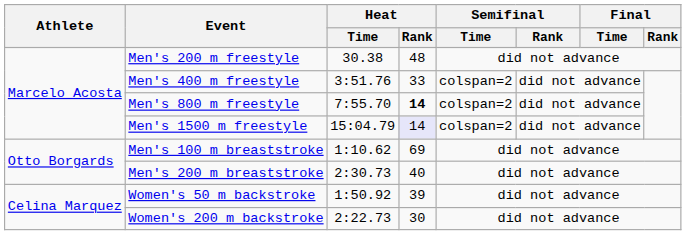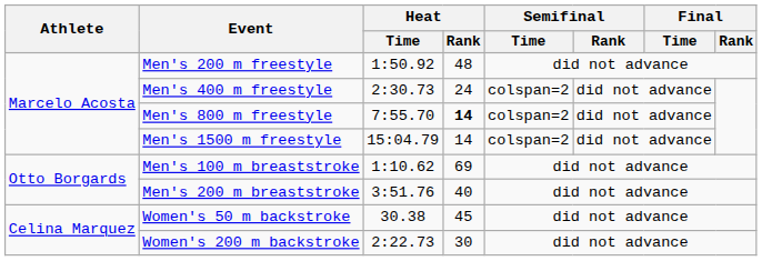 <table class=wikitable style="font-size:90%">
 <tr>
 <th rowspan="2">Athlete</th>
 <th rowspan="2">Event</th>
 <th colspan="2">Heat</th>
 <th colspan="2">Semifinal</th>
 <th colspan="2">Final</th>
 </tr>
 <tr style="font-size:95%">
 <th>Time</th>
 <th>Rank</th>
 <th>Time</th>
 <th>Rank</th>
 <th>Time</th>
 <th>Rank</th>
 </tr>
 <tr align=center>
 <td align=left rowspan=4><a href='#'>Marcelo Acosta</a></td>
 <td align=left><a href='#'>Men's 200 m freestyle</a></td>
-<td>30.38</td>
+<td>1:50.92</td>
 <td>48</td>
 <td colspan=4>did not advance</td>
 </tr>
 <tr align=center>
 <td align=left><a href='#'>Men's 400 m freestyle</a></td>
-<td>3:51.76</td>
-<td>33</td>
+<td>2:30.73</td>
+<td>24</td>
 <td>colspan=2 </td>
 <td colspan=2>did not advance</td>
 </tr>
 <tr align=center>
 <td align=left><a href='#'>Men's 800 m freestyle</a></td>
 <td>7:55.70</td>
 <td><strong>14</strong></td>
 <td>colspan=2 </td>
 <td colspan=2>did not advance</td>
 </tr>
 <tr align=center>
 <td align=left><a href='#'>Men's 1500 m freestyle</a></td>
 <td>15:04.79</td>
-<td style="background: lavender;">14</td>
+<td>14</td>
 <td>colspan=2 </td>
 <td colspan=2>did not advance</td>
 </tr>
 <tr align=center>
 <td align=left rowspan=2><a href='#'>Otto Borgards</a></td>
 <td align=left><a href='#'>Men's 100 m breaststroke</a></td>
 <td>1:10.62</td>
 <td>69</td>
 <td colspan=4>did not advance</td>
 </tr>
 <tr align=center>
 <td align=left><a href='#'>Men's 200 m breaststroke</a></td>
-<td>2:30.73</td>
+<td>3:51.76</td>
 <td>40</td>
 <td colspan=4>did not advance</td>
 </tr>
 <tr align=center>
 <td align=left rowspan=2><a href='#'>Celina Marquez</a></td>
 <td align=left><a href='#'>Women's 50 m backstroke</a></td>
-<td>1:50.92</td>
-<td>39</td>
+<td>30.38</td>
+<td>45</td>
 <td colspan=4>did not advance</td>
 </tr>
 <tr align=center>
 <td align=left><a href='#'>Women's 200 m backstroke</a></td>
 <td>2:22.73</td>
 <td>30</td>
 <td colspan=4>did not advance</td>
 </tr>
 </table>
